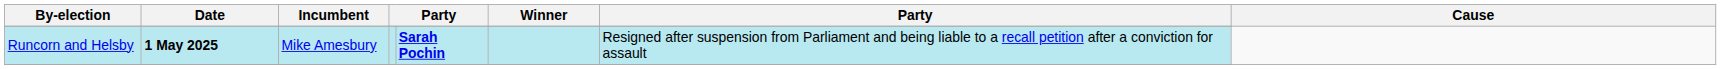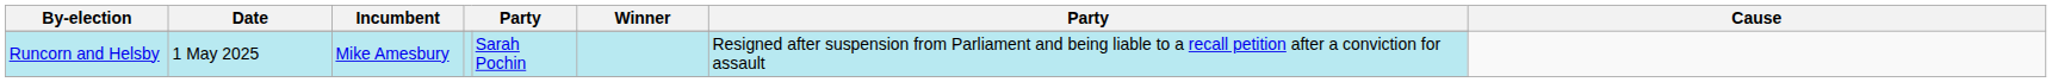 <table class="wikitable">
 <tr>
 <th ! scope="col" style="width: 150px;">By-election</th>
 <th ! scope="col" style="width: 150px;">Date</th>
 <th ! scope="col" style="width: 120px;">Incumbent</th>
 <th ! scope="col" style="width: 50px;" colspan=2>Party</th>
 <th ! scope="col" style="width: 120px;">Winner</th>
 <th ! scope="col" style="width: 25px;" colspan=2>Party</th>
 <th ! scope="col" style="width: 550px;">Cause</th>
 </tr>
 <tr>
 </tr>
 <tr bgcolor = b8e9f1>
 <td><a href='#'>Runcorn and Helsby</a></td>
-<td><strong>1 May 2025</strong></td>
+<td>1 May 2025</td>
 <td><a href='#'>Mike Amesbury</a></td>
 <td></td>
-<td><strong><a href='#'>Sarah Pochin</a></strong></td>
+<td><a href='#'>Sarah Pochin</a></td>
 <td></td>
 <td>Resigned after suspension from Parliament and being liable to a <a href='#'>recall petition</a> after a conviction for assault</td>
 </tr>
 <tr>
 </tr>
 </table>
